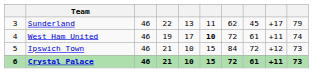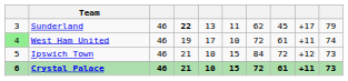 <table class="wikitable" style="text-align:center">
 <tr>
 <th width="30"></th>
 <th width="175">Team</th>
 <th width="30"></th>
 <th width="30"></th>
 <th width="30"></th>
 <th width="30"></th>
 <th width="30"></th>
 <th width="30"></th>
 <th width="30"></th>
 <th width="30"></th>
 </tr>
 <tr>
 <td>3</td>
 <td align=left><a href='#'>Sunderland</a></td>
 <td>46</td>
-<td>22</td>
+<td><strong>22</strong></td>
 <td>13</td>
 <td>11</td>
 <td>62</td>
 <td>45</td>
 <td>+17</td>
 <td>79</td>
 </tr>
 <tr>
-<td>4</td>
+<td style="background: lightgreen;">4</td>
 <td align=left><a href='#'>West Ham United</a></td>
 <td>46</td>
 <td>19</td>
 <td>17</td>
-<td><strong>10</strong></td>
+<td>10</td>
 <td>72</td>
 <td>61</td>
 <td>+11</td>
 <td>74</td>
 </tr>
 <tr>
 <td>5</td>
 <td align=left><a href='#'>Ipswich Town</a></td>
 <td>46</td>
 <td>21</td>
 <td>10</td>
 <td>15</td>
 <td>84</td>
 <td>72</td>
 <td>+12</td>
 <td>73</td>
 </tr>
 <tr bgcolor=#ADDFAD>
 <td><strong>6</strong></td>
 <td align=left><strong><a href='#'>Crystal Palace</a></strong></td>
 <td><strong>46</strong></td>
 <td><strong>21</strong></td>
 <td><strong>10</strong></td>
 <td><strong>15</strong></td>
 <td><strong>72</strong></td>
 <td><strong>61</strong></td>
 <td><strong>+11</strong></td>
 <td><strong>73</strong></td>
 </tr>
 </table>
